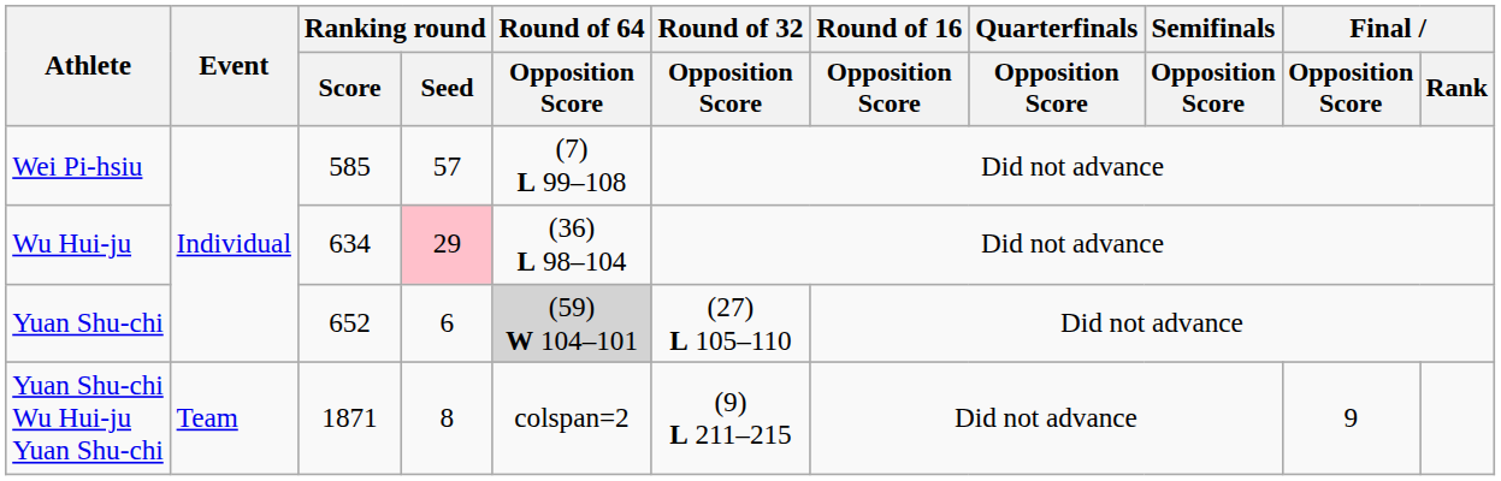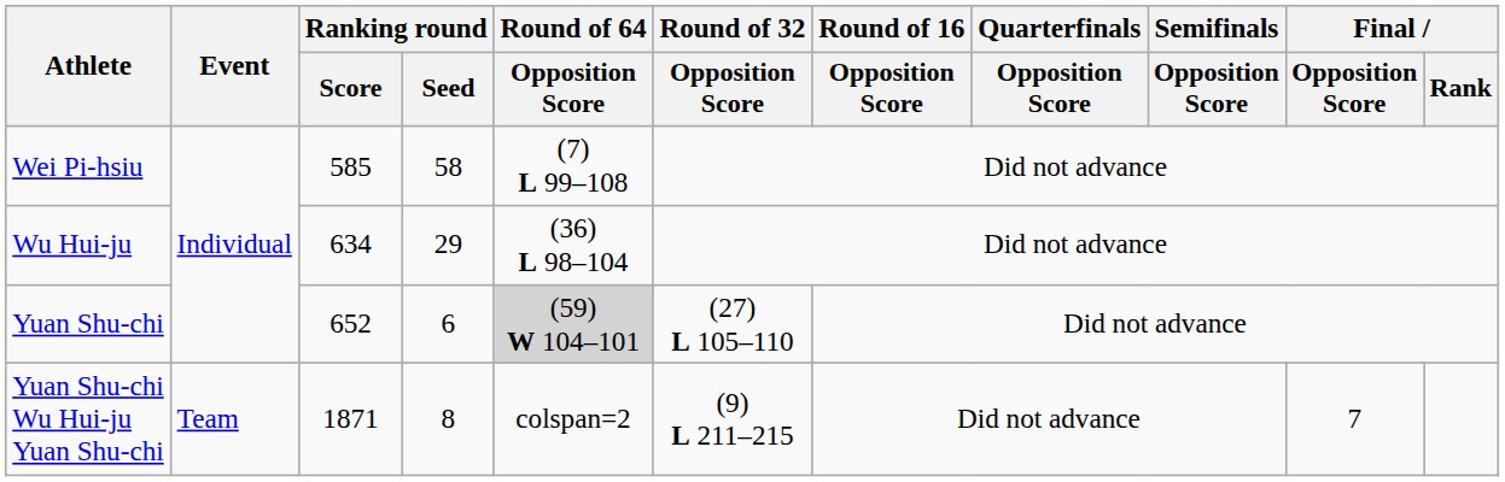 <table class="wikitable" style="font-size:90%">
 <tr>
 <th rowspan="2">Athlete</th>
 <th rowspan="2">Event</th>
 <th colspan="2">Ranking round</th>
 <th>Round of 64</th>
 <th>Round of 32</th>
 <th>Round of 16</th>
 <th>Quarterfinals</th>
 <th>Semifinals</th>
 <th colspan="2">Final / </th>
 </tr>
 <tr style="font-size:95%">
 <th>Score</th>
 <th>Seed</th>
 <th>Opposition<br>Score</th>
 <th>Opposition<br>Score</th>
 <th>Opposition<br>Score</th>
 <th>Opposition<br>Score</th>
 <th>Opposition<br>Score</th>
 <th>Opposition<br>Score</th>
 <th>Rank</th>
 </tr>
 <tr align=center>
 <td align=left><a href='#'>Wei Pi-hsiu</a></td>
 <td align=left rowspan=3><a href='#'>Individual</a></td>
 <td>585</td>
-<td>57</td>
+<td>58</td>
 <td> (7) <br> <strong>L</strong> 99–108</td>
 <td colspan=6>Did not advance</td>
 </tr>
 <tr align=center>
 <td align=left><a href='#'>Wu Hui-ju</a></td>
 <td>634</td>
-<td style="background: pink;">29</td>
+<td>29</td>
 <td> (36) <br> <strong>L</strong> 98–104</td>
 <td colspan=6>Did not advance</td>
 </tr>
 <tr align=center>
 <td align=left><a href='#'>Yuan Shu-chi</a></td>
 <td>652</td>
 <td>6</td>
 <td style="background: lightgrey;"> (59) <br> <strong>W</strong> 104–101</td>
 <td> (27) <br> <strong>L</strong> 105–110</td>
 <td colspan=5>Did not advance</td>
 </tr>
 <tr align=center>
 <td align=left><a href='#'>Yuan Shu-chi</a><br><a href='#'>Wu Hui-ju</a><br><a href='#'>Yuan Shu-chi</a></td>
 <td align=left><a href='#'>Team</a></td>
 <td>1871</td>
 <td>8</td>
 <td>colspan=2 </td>
 <td> (9) <br> <strong>L</strong> 211–215</td>
 <td colspan=3 align="center">Did not advance</td>
-<td align=center>9</td>
+<td align=center>7</td>
 </tr>
 </table>
